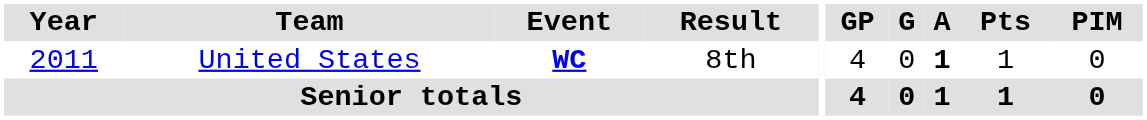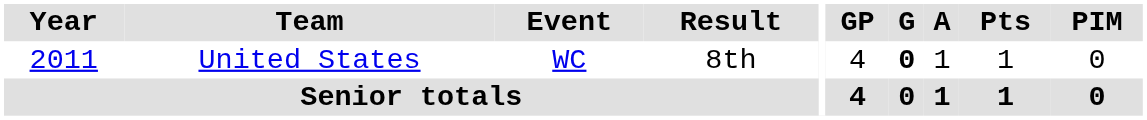 <table border="0" cellpadding="1" cellspacing="0" ID="Table3" style="text-align:center; width:40em">
 <tr ALIGN="center" bgcolor="#e0e0e0">
 <th>Year</th>
 <th>Team</th>
 <th>Event</th>
 <th>Result</th>
 <th rowspan="99" bgcolor="#ffffff"></th>
 <th>GP</th>
 <th>G</th>
 <th>A</th>
 <th>Pts</th>
 <th>PIM</th>
 </tr>
 <tr>
 <td><a href='#'>2011</a></td>
 <td><a href='#'>United States</a></td>
-<td><strong><a href='#'>WC</a></strong></td>
+<td><a href='#'>WC</a></td>
 <td>8th</td>
 <td>4</td>
-<td>0</td>
-<td><strong>1</strong></td>
+<td><strong>0</strong></td>
+<td>1</td>
 <td>1</td>
 <td>0</td>
 </tr>
 <tr bgcolor="#e0e0e0">
 <th colspan=4>Senior totals</th>
 <th>4</th>
 <th>0</th>
 <th>1</th>
 <th>1</th>
 <th>0</th>
 </tr>
 </table>
